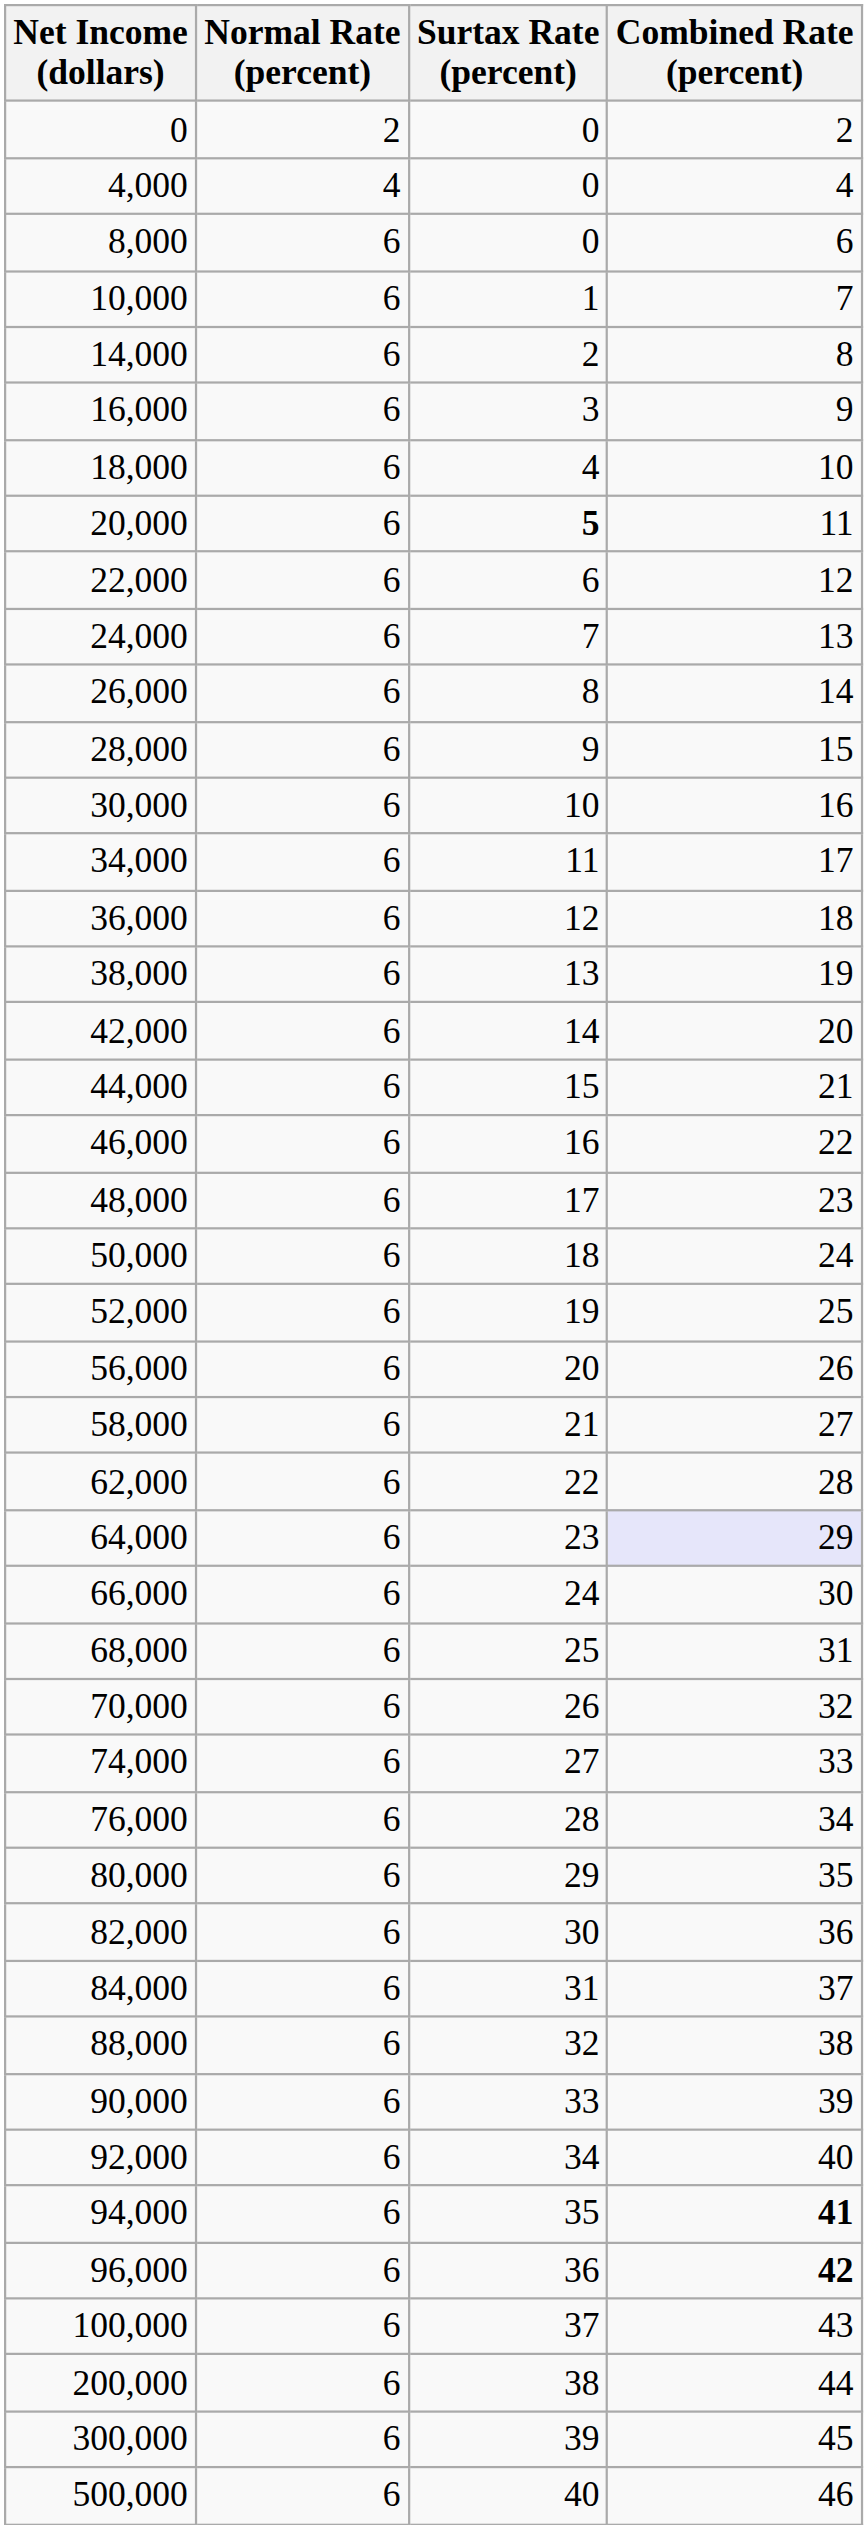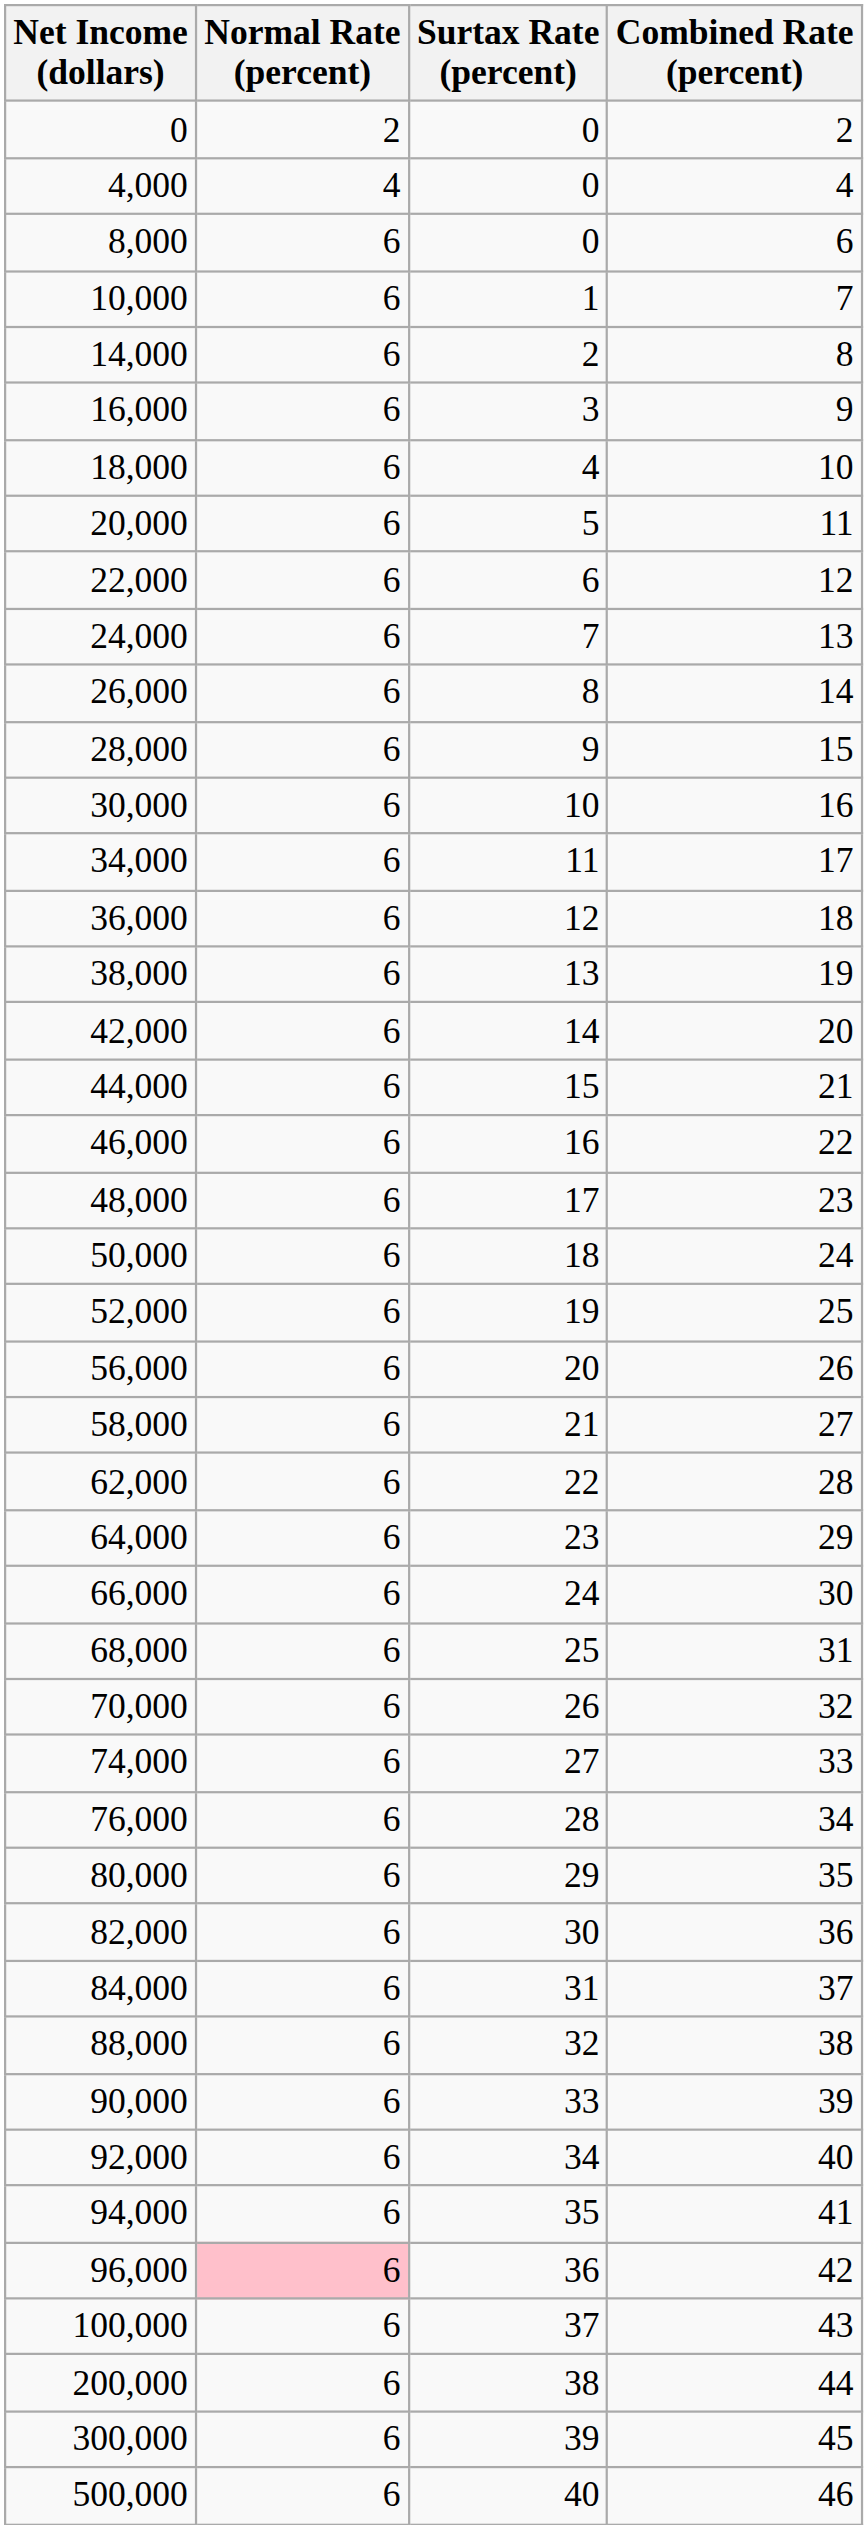 <table class="wikitable" style="text-align: right;">
 <tr>
 <th>Net Income<br>(dollars)</th>
 <th>Normal Rate<br>(percent)</th>
 <th>Surtax Rate<br>(percent)</th>
 <th>Combined Rate<br>(percent)</th>
 </tr>
 <tr>
 <td>0</td>
 <td>2</td>
 <td>0</td>
 <td>2</td>
 </tr>
 <tr>
 <td>4,000</td>
 <td>4</td>
 <td>0</td>
 <td>4</td>
 </tr>
 <tr>
 <td>8,000</td>
 <td>6</td>
 <td>0</td>
 <td>6</td>
 </tr>
 <tr>
 <td>10,000</td>
 <td>6</td>
 <td>1</td>
 <td>7</td>
 </tr>
 <tr>
 <td>14,000</td>
 <td>6</td>
 <td>2</td>
 <td>8</td>
 </tr>
 <tr>
 <td>16,000</td>
 <td>6</td>
 <td>3</td>
 <td>9</td>
 </tr>
 <tr>
 <td>18,000</td>
 <td>6</td>
 <td>4</td>
 <td>10</td>
 </tr>
 <tr>
 <td>20,000</td>
 <td>6</td>
-<td><strong>5</strong></td>
+<td>5</td>
 <td>11</td>
 </tr>
 <tr>
 <td>22,000</td>
 <td>6</td>
 <td>6</td>
 <td>12</td>
 </tr>
 <tr>
 <td>24,000</td>
 <td>6</td>
 <td>7</td>
 <td>13</td>
 </tr>
 <tr>
 <td>26,000</td>
 <td>6</td>
 <td>8</td>
 <td>14</td>
 </tr>
 <tr>
 <td>28,000</td>
 <td>6</td>
 <td>9</td>
 <td>15</td>
 </tr>
 <tr>
 <td>30,000</td>
 <td>6</td>
 <td>10</td>
 <td>16</td>
 </tr>
 <tr>
 <td>34,000</td>
 <td>6</td>
 <td>11</td>
 <td>17</td>
 </tr>
 <tr>
 <td>36,000</td>
 <td>6</td>
 <td>12</td>
 <td>18</td>
 </tr>
 <tr>
 <td>38,000</td>
 <td>6</td>
 <td>13</td>
 <td>19</td>
 </tr>
 <tr>
 <td>42,000</td>
 <td>6</td>
 <td>14</td>
 <td>20</td>
 </tr>
 <tr>
 <td>44,000</td>
 <td>6</td>
 <td>15</td>
 <td>21</td>
 </tr>
 <tr>
 <td>46,000</td>
 <td>6</td>
 <td>16</td>
 <td>22</td>
 </tr>
 <tr>
 <td>48,000</td>
 <td>6</td>
 <td>17</td>
 <td>23</td>
 </tr>
 <tr>
 <td>50,000</td>
 <td>6</td>
 <td>18</td>
 <td>24</td>
 </tr>
 <tr>
 <td>52,000</td>
 <td>6</td>
 <td>19</td>
 <td>25</td>
 </tr>
 <tr>
 <td>56,000</td>
 <td>6</td>
 <td>20</td>
 <td>26</td>
 </tr>
 <tr>
 <td>58,000</td>
 <td>6</td>
 <td>21</td>
 <td>27</td>
 </tr>
 <tr>
 <td>62,000</td>
 <td>6</td>
 <td>22</td>
 <td>28</td>
 </tr>
 <tr>
 <td>64,000</td>
 <td>6</td>
 <td>23</td>
-<td style="background: lavender;">29</td>
+<td>29</td>
 </tr>
 <tr>
 <td>66,000</td>
 <td>6</td>
 <td>24</td>
 <td>30</td>
 </tr>
 <tr>
 <td>68,000</td>
 <td>6</td>
 <td>25</td>
 <td>31</td>
 </tr>
 <tr>
 <td>70,000</td>
 <td>6</td>
 <td>26</td>
 <td>32</td>
 </tr>
 <tr>
 <td>74,000</td>
 <td>6</td>
 <td>27</td>
 <td>33</td>
 </tr>
 <tr>
 <td>76,000</td>
 <td>6</td>
 <td>28</td>
 <td>34</td>
 </tr>
 <tr>
 <td>80,000</td>
 <td>6</td>
 <td>29</td>
 <td>35</td>
 </tr>
 <tr>
 <td>82,000</td>
 <td>6</td>
 <td>30</td>
 <td>36</td>
 </tr>
 <tr>
 <td>84,000</td>
 <td>6</td>
 <td>31</td>
 <td>37</td>
 </tr>
 <tr>
 <td>88,000</td>
 <td>6</td>
 <td>32</td>
 <td>38</td>
 </tr>
 <tr>
 <td>90,000</td>
 <td>6</td>
 <td>33</td>
 <td>39</td>
 </tr>
 <tr>
 <td>92,000</td>
 <td>6</td>
 <td>34</td>
 <td>40</td>
 </tr>
 <tr>
 <td>94,000</td>
 <td>6</td>
 <td>35</td>
-<td><strong>41</strong></td>
+<td>41</td>
 </tr>
 <tr>
 <td>96,000</td>
-<td>6</td>
+<td style="background: pink;">6</td>
 <td>36</td>
-<td><strong>42</strong></td>
+<td>42</td>
 </tr>
 <tr>
 <td>100,000</td>
 <td>6</td>
 <td>37</td>
 <td>43</td>
 </tr>
 <tr>
 <td>200,000</td>
 <td>6</td>
 <td>38</td>
 <td>44</td>
 </tr>
 <tr>
 <td>300,000</td>
 <td>6</td>
 <td>39</td>
 <td>45</td>
 </tr>
 <tr>
 <td>500,000</td>
 <td>6</td>
 <td>40</td>
 <td>46</td>
 </tr>
 </table>
